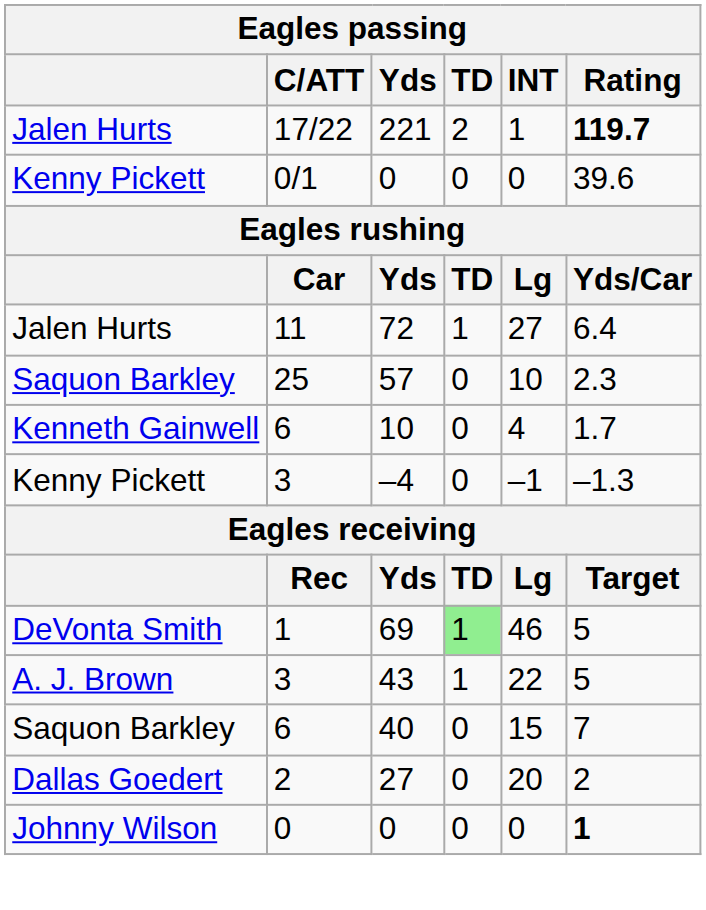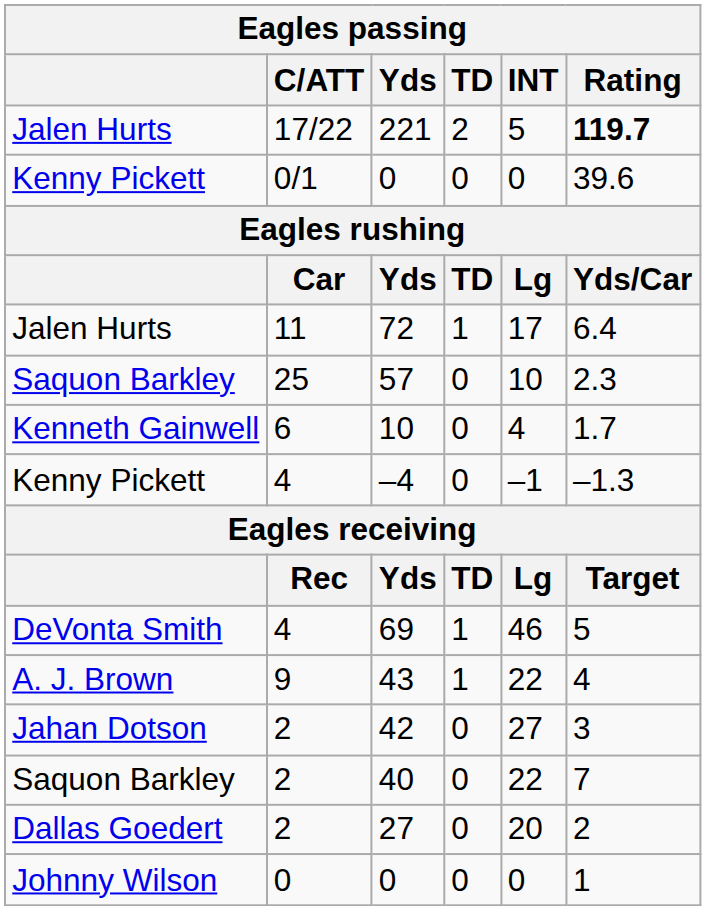 <table class="wikitable plainrowheaders">
 <tr>
 <th colspan="6">Eagles passing</th>
 </tr>
 <tr>
 <th scope="col"></th>
 <th scope="col">C/ATT</th>
 <th scope="col">Yds</th>
 <th scope="col">TD</th>
 <th scope="col">INT</th>
 <th scope="col">Rating</th>
 </tr>
 <tr>
 <td><a href='#'>Jalen Hurts</a></td>
 <td>17/22</td>
 <td>221</td>
 <td>2</td>
-<td>1</td>
+<td>5</td>
 <td><strong>119.7</strong></td>
 </tr>
 <tr>
 <td><a href='#'>Kenny Pickett</a></td>
 <td>0/1</td>
 <td>0</td>
 <td>0</td>
 <td>0</td>
 <td>39.6</td>
 </tr>
 <tr>
 <th colspan="6">Eagles rushing</th>
 </tr>
 <tr>
 <th scope="col"></th>
 <th scope="col">Car</th>
 <th scope="col">Yds</th>
 <th scope="col">TD</th>
 <th scope="col">Lg</th>
 <th scope="col">Yds/Car</th>
 </tr>
 <tr>
 <td>Jalen Hurts</td>
 <td>11</td>
 <td>72</td>
 <td>1</td>
-<td>27</td>
+<td>17</td>
 <td>6.4</td>
 </tr>
 <tr>
 <td><a href='#'>Saquon Barkley</a></td>
 <td>25</td>
 <td>57</td>
 <td>0</td>
 <td>10</td>
 <td>2.3</td>
 </tr>
 <tr>
 <td><a href='#'>Kenneth Gainwell</a></td>
 <td>6</td>
 <td>10</td>
 <td>0</td>
 <td>4</td>
 <td>1.7</td>
 </tr>
 <tr>
 <td>Kenny Pickett</td>
-<td>3</td>
+<td>4</td>
 <td>–4</td>
 <td>0</td>
 <td>–1</td>
 <td>–1.3</td>
 </tr>
 <tr>
 <th colspan="6">Eagles receiving</th>
 </tr>
 <tr>
 <th scope="col"></th>
 <th scope="col">Rec</th>
 <th scope="col">Yds</th>
 <th scope="col">TD</th>
 <th scope="col">Lg</th>
 <th scope="col">Target</th>
 </tr>
 <tr>
 <td><a href='#'>DeVonta Smith</a></td>
+<td>4</td>
+<td>69</td>
 <td>1</td>
-<td>69</td>
-<td style="background: lightgreen;">1</td>
 <td>46</td>
 <td>5</td>
 </tr>
 <tr>
 <td><a href='#'>A. J. Brown</a></td>
-<td>3</td>
+<td>9</td>
 <td>43</td>
 <td>1</td>
 <td>22</td>
-<td>5</td>
+<td>4</td>
+</tr>
+<tr>
+<td><a href='#'>Jahan Dotson</a></td>
+<td>2</td>
+<td>42</td>
+<td>0</td>
+<td>27</td>
+<td>3</td>
 </tr>
 <tr>
 <td>Saquon Barkley</td>
-<td>6</td>
+<td>2</td>
 <td>40</td>
 <td>0</td>
-<td>15</td>
+<td>22</td>
 <td>7</td>
 </tr>
 <tr>
 <td><a href='#'>Dallas Goedert</a></td>
 <td>2</td>
 <td>27</td>
 <td>0</td>
 <td>20</td>
 <td>2</td>
 </tr>
 <tr>
 <td><a href='#'>Johnny Wilson</a></td>
 <td>0</td>
 <td>0</td>
 <td>0</td>
 <td>0</td>
-<td><strong>1</strong></td>
+<td>1</td>
 </tr>
 </table>
